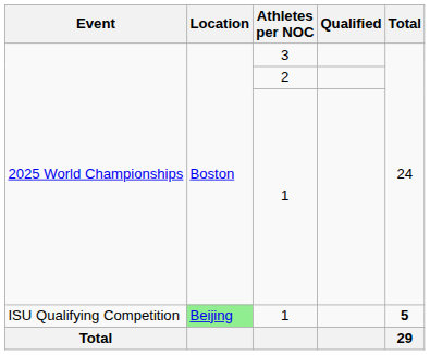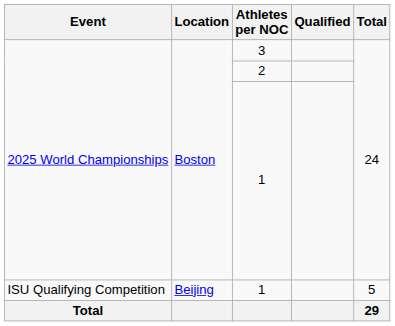 <table class="wikitable">
 <tr>
 <th>Event</th>
 <th>Location</th>
 <th>Athletes <br> per NOC</th>
 <th>Qualified</th>
 <th>Total</th>
 </tr>
 <tr>
 <td rowspan = 3><a href='#'>2025 World Championships</a></td>
 <td rowspan = 3> <a href='#'>Boston</a></td>
 <td align=center>3</td>
 <td><br></td>
 <td rowspan = 3 align=center>24</td>
 </tr>
 <tr>
 <td align=center>2</td>
 <td><br></td>
 </tr>
 <tr>
 <td align=center>1</td>
 <td><br><br><br><br><br><br><br><br><br><br><br><br><br></td>
 </tr>
 <tr>
 <td>ISU Qualifying Competition</td>
-<td style="background: lightgreen;"> <a href='#'>Beijing</a></td>
+<td> <a href='#'>Beijing</a></td>
 <td align=center>1</td>
 <td></td>
-<td align=center><strong>5</strong></td>
+<td align=center>5</td>
 </tr>
 <tr>
 <th>Total</th>
 <th></th>
 <th></th>
 <th></th>
 <th>29</th>
 </tr>
 </table>
